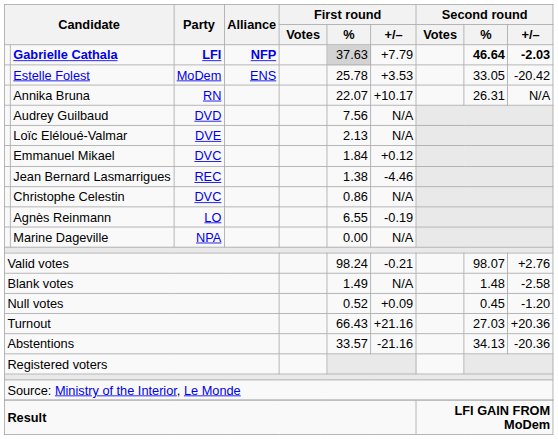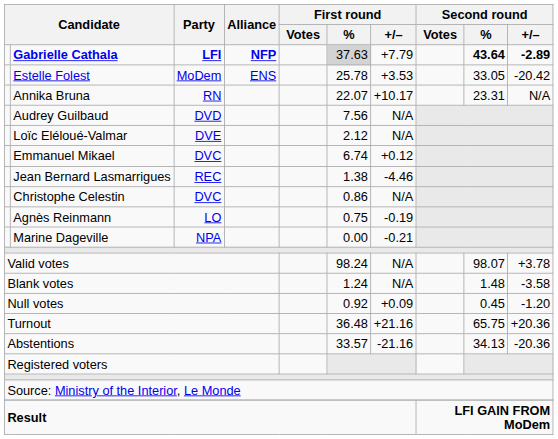 <table class="wikitable" style="text-align:right;font-size:95%;">
 <tr>
 <th rowspan="2" colspan="2">Candidate</th>
 <th rowspan="2">Party</th>
 <th rowspan="2">Alliance</th>
 <th colspan="3">First round</th>
 <th colspan="3">Second round</th>
 </tr>
 <tr>
 <th style="width:50px;">Votes</th>
 <th style="width:45px;">%</th>
 <th style="width:45px;">+/–</th>
 <th style="width:50px;">Votes</th>
 <th style="width:45px;">%</th>
 <th style="width:45px;">+/–</th>
 </tr>
 <tr>
 <td style="color:inherit;background:"></td>
 <td style="text-align:left;"><strong><a href='#'>Gabrielle Cathala</a></strong></td>
 <td><a href='#'><strong>LFI</strong></a></td>
 <td><a href='#'><strong>NFP</strong></a></td>
 <td></td>
 <td style="background: lightgrey;">37.63</td>
 <td>+7.79</td>
 <td><strong></strong></td>
-<td><strong>46.64</strong></td>
-<td><strong>-2.03</strong></td>
+<td><strong>43.64</strong></td>
+<td><strong>-2.89</strong></td>
 </tr>
 <tr>
 <td style="color:inherit;background:"></td>
 <td style="text-align:left;"><a href='#'>Estelle Folest</a></td>
 <td><a href='#'>MoDem</a></td>
 <td><a href='#'>ENS</a></td>
 <td></td>
 <td>25.78</td>
 <td>+3.53</td>
 <td></td>
 <td>33.05</td>
 <td>-20.42</td>
 </tr>
 <tr>
 <td style="color:inherit;background:"></td>
 <td style="text-align:left;">Annika Bruna</td>
 <td><a href='#'>RN</a></td>
 <td></td>
 <td></td>
 <td>22.07</td>
 <td>+10.17</td>
 <td></td>
-<td>26.31</td>
+<td>23.31</td>
 <td>N/A</td>
 </tr>
 <tr>
 <td style="color:inherit;background:"></td>
 <td style="text-align:left;">Audrey Guilbaud</td>
 <td><a href='#'>DVD</a></td>
 <td></td>
 <td></td>
 <td>7.56</td>
 <td>N/A</td>
 <td colspan="3" style="background:#E9E9E9;"></td>
 </tr>
 <tr>
 <td style="color:inherit;background:"></td>
 <td style="text-align:left;">Loïc Eléloué-Valmar</td>
 <td><a href='#'>DVE</a></td>
 <td></td>
 <td></td>
-<td>2.13</td>
+<td>2.12</td>
 <td>N/A</td>
 <td colspan="3" style="background:#E9E9E9;"></td>
 </tr>
 <tr>
 <td style="color:inherit;background:"></td>
 <td style="text-align:left;">Emmanuel Mikael</td>
 <td><a href='#'>DVC</a></td>
 <td></td>
 <td></td>
-<td>1.84</td>
+<td>6.74</td>
 <td>+0.12</td>
 <td colspan="3" style="background:#E9E9E9;"></td>
 </tr>
 <tr>
 <td style="color:inherit;background:"></td>
 <td style="text-align:left;">Jean Bernard Lasmarrigues</td>
 <td><a href='#'>REC</a></td>
 <td></td>
 <td></td>
 <td>1.38</td>
 <td>-4.46</td>
 <td colspan="3" style="background:#E9E9E9;"></td>
 </tr>
 <tr>
 <td style="color:inherit;background:"></td>
 <td style="text-align:left;">Christophe Celestin</td>
 <td><a href='#'>DVC</a></td>
 <td></td>
 <td></td>
 <td>0.86</td>
 <td>N/A</td>
 <td colspan="3" style="background:#E9E9E9;"></td>
 </tr>
 <tr>
 <td style="color:inherit;background:"></td>
 <td style="text-align:left;">Agnès Reinmann</td>
 <td><a href='#'>LO</a></td>
 <td></td>
 <td></td>
-<td>6.55</td>
+<td>0.75</td>
 <td>-0.19</td>
 <td colspan="3" style="background:#E9E9E9;"></td>
 </tr>
 <tr>
 <td style="color:inherit;background:"></td>
 <td style="text-align:left;">Marine Dageville</td>
 <td><a href='#'>NPA</a></td>
 <td></td>
 <td></td>
 <td>0.00</td>
-<td>N/A</td>
+<td>-0.21</td>
 <td colspan="3" style="background:#E9E9E9;"></td>
 </tr>
 <tr>
 <td colspan="10" style="background:#E9E9E9;"></td>
 </tr>
 <tr>
 <td colspan="4" style="text-align:left;">Valid votes</td>
 <td></td>
 <td>98.24</td>
-<td>-0.21</td>
+<td>N/A</td>
 <td></td>
 <td>98.07</td>
-<td>+2.76</td>
+<td>+3.78</td>
 </tr>
 <tr>
 <td colspan="4" style="text-align:left;">Blank votes</td>
 <td></td>
-<td>1.49</td>
+<td>1.24</td>
 <td>N/A</td>
 <td></td>
 <td>1.48</td>
-<td>-2.58</td>
+<td>-3.58</td>
 </tr>
 <tr>
 <td colspan="4" style="text-align:left;">Null votes</td>
 <td></td>
-<td>0.52</td>
+<td>0.92</td>
 <td>+0.09</td>
 <td></td>
 <td>0.45</td>
 <td>-1.20</td>
 </tr>
 <tr>
 <td colspan="4" style="text-align:left;">Turnout</td>
 <td></td>
-<td>66.43</td>
+<td>36.48</td>
 <td>+21.16</td>
 <td></td>
-<td>27.03</td>
+<td>65.75</td>
 <td>+20.36</td>
 </tr>
 <tr>
 <td colspan="4" style="text-align:left;">Abstentions</td>
 <td></td>
 <td>33.57</td>
 <td>-21.16</td>
 <td></td>
 <td>34.13</td>
 <td>-20.36</td>
 </tr>
 <tr>
 <td colspan="4" style="text-align:left;">Registered voters</td>
 <td></td>
 <td colspan="2" style="background:#E9E9E9;"></td>
 <td></td>
 <td colspan="2" style="background:#E9E9E9;"></td>
 </tr>
 <tr>
 <td colspan="10" style="background:#E9E9E9;"></td>
 </tr>
 <tr>
 <td colspan="10" style="text-align:left;">Source: <a href='#'>Ministry of the Interior</a>, <a href='#'>Le Monde</a></td>
 </tr>
 <tr>
 </tr>
 <tr style="font-weight:bold">
 <td colspan="7" style="text-align:left;">Result</td>
 <td colspan="7" style="background-color:">LFI GAIN FROM MoDem</td>
 </tr>
 </table>
